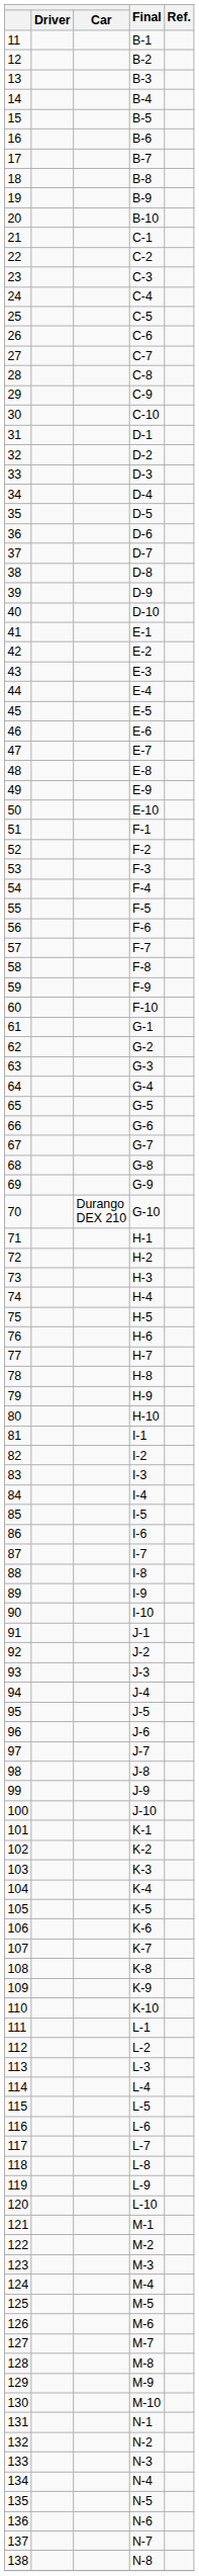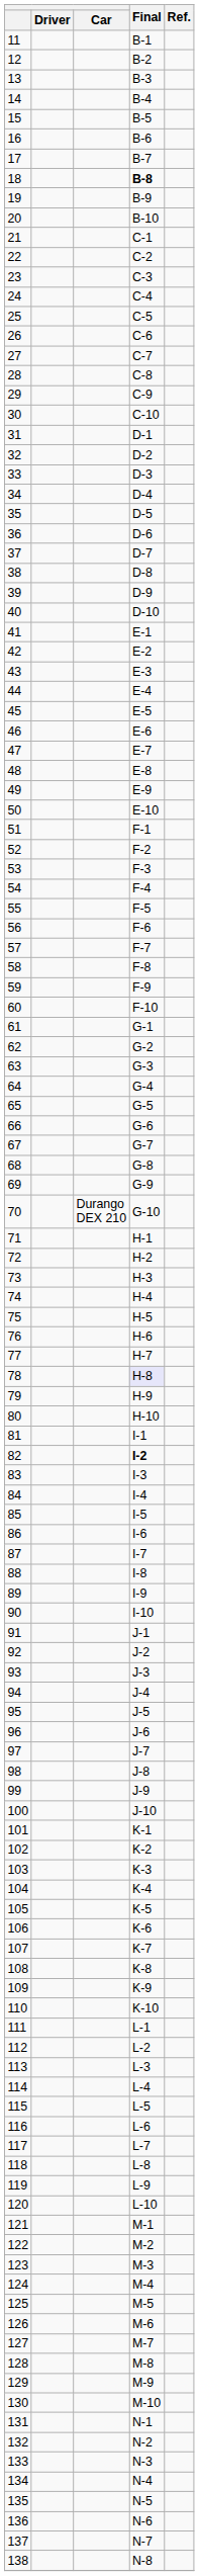 <table class="wikitable" style="font-size:85%;">
 <tr>
 <th colspan="3"></th>
 <th rowspan="2" style="text-align:center;">Final</th>
 <th rowspan="2" style="text-align:center;">Ref.</th>
 </tr>
 <tr>
 <th style="text-align:center;"></th>
 <th style="text-align:center;">Driver</th>
 <th style="text-align:center;">Car</th>
 </tr>
 <tr>
 <td>11</td>
 <td></td>
 <td></td>
 <td>B-1</td>
 <td></td>
 </tr>
 <tr>
 <td>12</td>
 <td></td>
 <td></td>
 <td>B-2</td>
 <td></td>
 </tr>
 <tr>
 <td>13</td>
 <td></td>
 <td></td>
 <td>B-3</td>
 <td></td>
 </tr>
 <tr>
 <td>14</td>
 <td></td>
 <td></td>
 <td>B-4</td>
 <td></td>
 </tr>
 <tr>
 <td>15</td>
 <td></td>
 <td></td>
 <td>B-5</td>
 <td></td>
 </tr>
 <tr>
 <td>16</td>
 <td></td>
 <td></td>
 <td>B-6</td>
 <td></td>
 </tr>
 <tr>
 <td>17</td>
 <td></td>
 <td></td>
 <td>B-7</td>
 <td></td>
 </tr>
 <tr>
 <td>18</td>
 <td></td>
 <td></td>
-<td>B-8</td>
+<td><strong>B-8</strong></td>
 <td></td>
 </tr>
 <tr>
 <td>19</td>
 <td></td>
 <td></td>
 <td>B-9</td>
 <td></td>
 </tr>
 <tr>
 <td>20</td>
 <td></td>
 <td></td>
 <td>B-10</td>
 <td></td>
 </tr>
 <tr>
 <td>21</td>
 <td></td>
 <td></td>
 <td>C-1</td>
 <td></td>
 </tr>
 <tr>
 <td>22</td>
 <td></td>
 <td></td>
 <td>C-2</td>
 <td></td>
 </tr>
 <tr>
 <td>23</td>
 <td></td>
 <td></td>
 <td>C-3</td>
 <td></td>
 </tr>
 <tr>
 <td>24</td>
 <td></td>
 <td></td>
 <td>C-4</td>
 <td></td>
 </tr>
 <tr>
 <td>25</td>
 <td></td>
 <td></td>
 <td>C-5</td>
 <td></td>
 </tr>
 <tr>
 <td>26</td>
 <td></td>
 <td></td>
 <td>C-6</td>
 <td></td>
 </tr>
 <tr>
 <td>27</td>
 <td></td>
 <td></td>
 <td>C-7</td>
 <td></td>
 </tr>
 <tr>
 <td>28</td>
 <td></td>
 <td></td>
 <td>C-8</td>
 <td></td>
 </tr>
 <tr>
 <td>29</td>
 <td></td>
 <td></td>
 <td>C-9</td>
 <td></td>
 </tr>
 <tr>
 <td>30</td>
 <td></td>
 <td></td>
 <td>C-10</td>
 <td></td>
 </tr>
 <tr>
 <td>31</td>
 <td></td>
 <td></td>
 <td>D-1</td>
 <td></td>
 </tr>
 <tr>
 <td>32</td>
 <td></td>
 <td></td>
 <td>D-2</td>
 <td></td>
 </tr>
 <tr>
 <td>33</td>
 <td></td>
 <td></td>
 <td>D-3</td>
 <td></td>
 </tr>
 <tr>
 <td>34</td>
 <td></td>
 <td></td>
 <td>D-4</td>
 <td></td>
 </tr>
 <tr>
 <td>35</td>
 <td></td>
 <td></td>
 <td>D-5</td>
 <td></td>
 </tr>
 <tr>
 <td>36</td>
 <td></td>
 <td></td>
 <td>D-6</td>
 <td></td>
 </tr>
 <tr>
 <td>37</td>
 <td></td>
 <td></td>
 <td>D-7</td>
 <td></td>
 </tr>
 <tr>
 <td>38</td>
 <td></td>
 <td></td>
 <td>D-8</td>
 <td></td>
 </tr>
 <tr>
 <td>39</td>
 <td></td>
 <td></td>
 <td>D-9</td>
 <td></td>
 </tr>
 <tr>
 <td>40</td>
 <td></td>
 <td></td>
 <td>D-10</td>
 <td></td>
 </tr>
 <tr>
 <td>41</td>
 <td></td>
 <td></td>
 <td>E-1</td>
 <td></td>
 </tr>
 <tr>
 <td>42</td>
 <td></td>
 <td></td>
 <td>E-2</td>
 <td></td>
 </tr>
 <tr>
 <td>43</td>
 <td></td>
 <td></td>
 <td>E-3</td>
 <td></td>
 </tr>
 <tr>
 <td>44</td>
 <td></td>
 <td></td>
 <td>E-4</td>
 <td></td>
 </tr>
 <tr>
 <td>45</td>
 <td></td>
 <td></td>
 <td>E-5</td>
 <td></td>
 </tr>
 <tr>
 <td>46</td>
 <td></td>
 <td></td>
 <td>E-6</td>
 <td></td>
 </tr>
 <tr>
 <td>47</td>
 <td></td>
 <td></td>
 <td>E-7</td>
 <td></td>
 </tr>
 <tr>
 <td>48</td>
 <td></td>
 <td></td>
 <td>E-8</td>
 <td></td>
 </tr>
 <tr>
 <td>49</td>
 <td></td>
 <td></td>
 <td>E-9</td>
 <td></td>
 </tr>
 <tr>
 <td>50</td>
 <td></td>
 <td></td>
 <td>E-10</td>
 <td></td>
 </tr>
 <tr>
 <td>51</td>
 <td></td>
 <td></td>
 <td>F-1</td>
 <td></td>
 </tr>
 <tr>
 <td>52</td>
 <td></td>
 <td></td>
 <td>F-2</td>
 <td></td>
 </tr>
 <tr>
 <td>53</td>
 <td></td>
 <td></td>
 <td>F-3</td>
 <td></td>
 </tr>
 <tr>
 <td>54</td>
 <td></td>
 <td></td>
 <td>F-4</td>
 <td></td>
 </tr>
 <tr>
 <td>55</td>
 <td></td>
 <td></td>
 <td>F-5</td>
 <td></td>
 </tr>
 <tr>
 <td>56</td>
 <td></td>
 <td></td>
 <td>F-6</td>
 <td></td>
 </tr>
 <tr>
 <td>57</td>
 <td></td>
 <td></td>
 <td>F-7</td>
 <td></td>
 </tr>
 <tr>
 <td>58</td>
 <td></td>
 <td></td>
 <td>F-8</td>
 <td></td>
 </tr>
 <tr>
 <td>59</td>
 <td></td>
 <td></td>
 <td>F-9</td>
 <td></td>
 </tr>
 <tr>
 <td>60</td>
 <td></td>
 <td></td>
 <td>F-10</td>
 <td></td>
 </tr>
 <tr>
 <td>61</td>
 <td></td>
 <td></td>
 <td>G-1</td>
 <td></td>
 </tr>
 <tr>
 <td>62</td>
 <td></td>
 <td></td>
 <td>G-2</td>
 <td></td>
 </tr>
 <tr>
 <td>63</td>
 <td></td>
 <td></td>
 <td>G-3</td>
 <td></td>
 </tr>
 <tr>
 <td>64</td>
 <td></td>
 <td></td>
 <td>G-4</td>
 <td></td>
 </tr>
 <tr>
 <td>65</td>
 <td></td>
 <td></td>
 <td>G-5</td>
 <td></td>
 </tr>
 <tr>
 <td>66</td>
 <td></td>
 <td></td>
 <td>G-6</td>
 <td></td>
 </tr>
 <tr>
 <td>67</td>
 <td></td>
 <td></td>
 <td>G-7</td>
 <td></td>
 </tr>
 <tr>
 <td>68</td>
 <td></td>
 <td></td>
 <td>G-8</td>
 <td></td>
 </tr>
 <tr>
 <td>69</td>
 <td></td>
 <td></td>
 <td>G-9</td>
 <td></td>
 </tr>
 <tr>
 <td>70</td>
 <td></td>
 <td>Durango<br> DEX 210</td>
 <td>G-10</td>
 <td></td>
 </tr>
 <tr>
 <td>71</td>
 <td></td>
 <td></td>
 <td>H-1</td>
 <td></td>
 </tr>
 <tr>
 <td>72</td>
 <td></td>
 <td></td>
 <td>H-2</td>
 <td></td>
 </tr>
 <tr>
 <td>73</td>
 <td></td>
 <td></td>
 <td>H-3</td>
 <td></td>
 </tr>
 <tr>
 <td>74</td>
 <td></td>
 <td></td>
 <td>H-4</td>
 <td></td>
 </tr>
 <tr>
 <td>75</td>
 <td></td>
 <td></td>
 <td>H-5</td>
 <td></td>
 </tr>
 <tr>
 <td>76</td>
 <td></td>
 <td></td>
 <td>H-6</td>
 <td></td>
 </tr>
 <tr>
 <td>77</td>
 <td></td>
 <td></td>
 <td>H-7</td>
 <td></td>
 </tr>
 <tr>
 <td>78</td>
 <td></td>
 <td></td>
-<td>H-8</td>
+<td style="background: lavender;">H-8</td>
 <td></td>
 </tr>
 <tr>
 <td>79</td>
 <td></td>
 <td></td>
 <td>H-9</td>
 <td></td>
 </tr>
 <tr>
 <td>80</td>
 <td></td>
 <td></td>
 <td>H-10</td>
 <td></td>
 </tr>
 <tr>
 <td>81</td>
 <td></td>
 <td></td>
 <td>I-1</td>
 <td></td>
 </tr>
 <tr>
 <td>82</td>
 <td></td>
 <td></td>
-<td>I-2</td>
+<td><strong>I-2</strong></td>
 <td></td>
 </tr>
 <tr>
 <td>83</td>
 <td></td>
 <td></td>
 <td>I-3</td>
 <td></td>
 </tr>
 <tr>
 <td>84</td>
 <td></td>
 <td></td>
 <td>I-4</td>
 <td></td>
 </tr>
 <tr>
 <td>85</td>
 <td></td>
 <td></td>
 <td>I-5</td>
 <td></td>
 </tr>
 <tr>
 <td>86</td>
 <td></td>
 <td></td>
 <td>I-6</td>
 <td></td>
 </tr>
 <tr>
 <td>87</td>
 <td></td>
 <td></td>
 <td>I-7</td>
 <td></td>
 </tr>
 <tr>
 <td>88</td>
 <td></td>
 <td></td>
 <td>I-8</td>
 <td></td>
 </tr>
 <tr>
 <td>89</td>
 <td></td>
 <td></td>
 <td>I-9</td>
 <td></td>
 </tr>
 <tr>
 <td>90</td>
 <td></td>
 <td></td>
 <td>I-10</td>
 <td></td>
 </tr>
 <tr>
 <td>91</td>
 <td></td>
 <td></td>
 <td>J-1</td>
 <td></td>
 </tr>
 <tr>
 <td>92</td>
 <td></td>
 <td></td>
 <td>J-2</td>
 <td></td>
 </tr>
 <tr>
 <td>93</td>
 <td></td>
 <td></td>
 <td>J-3</td>
 <td></td>
 </tr>
 <tr>
 <td>94</td>
 <td></td>
 <td></td>
 <td>J-4</td>
 <td></td>
 </tr>
 <tr>
 <td>95</td>
 <td></td>
 <td></td>
 <td>J-5</td>
 <td></td>
 </tr>
 <tr>
 <td>96</td>
 <td></td>
 <td></td>
 <td>J-6</td>
 <td></td>
 </tr>
 <tr>
 <td>97</td>
 <td></td>
 <td></td>
 <td>J-7</td>
 <td></td>
 </tr>
 <tr>
 <td>98</td>
 <td></td>
 <td></td>
 <td>J-8</td>
 <td></td>
 </tr>
 <tr>
 <td>99</td>
 <td></td>
 <td></td>
 <td>J-9</td>
 <td></td>
 </tr>
 <tr>
 <td>100</td>
 <td></td>
 <td></td>
 <td>J-10</td>
 <td></td>
 </tr>
 <tr>
 <td>101</td>
 <td></td>
 <td></td>
 <td>K-1</td>
 <td></td>
 </tr>
 <tr>
 <td>102</td>
 <td></td>
 <td></td>
 <td>K-2</td>
 <td></td>
 </tr>
 <tr>
 <td>103</td>
 <td></td>
 <td></td>
 <td>K-3</td>
 <td></td>
 </tr>
 <tr>
 <td>104</td>
 <td></td>
 <td></td>
 <td>K-4</td>
 <td></td>
 </tr>
 <tr>
 <td>105</td>
 <td></td>
 <td></td>
 <td>K-5</td>
 <td></td>
 </tr>
 <tr>
 <td>106</td>
 <td></td>
 <td></td>
 <td>K-6</td>
 <td></td>
 </tr>
 <tr>
 <td>107</td>
 <td></td>
 <td></td>
 <td>K-7</td>
 <td></td>
 </tr>
 <tr>
 <td>108</td>
 <td></td>
 <td></td>
 <td>K-8</td>
 <td></td>
 </tr>
 <tr>
 <td>109</td>
 <td></td>
 <td></td>
 <td>K-9</td>
 <td></td>
 </tr>
 <tr>
 <td>110</td>
 <td></td>
 <td></td>
 <td>K-10</td>
 <td></td>
 </tr>
 <tr>
 <td>111</td>
 <td></td>
 <td></td>
 <td>L-1</td>
 <td></td>
 </tr>
 <tr>
 <td>112</td>
 <td></td>
 <td></td>
 <td>L-2</td>
 <td></td>
 </tr>
 <tr>
 <td>113</td>
 <td></td>
 <td></td>
 <td>L-3</td>
 <td></td>
 </tr>
 <tr>
 <td>114</td>
 <td></td>
 <td></td>
 <td>L-4</td>
 <td></td>
 </tr>
 <tr>
 <td>115</td>
 <td></td>
 <td></td>
 <td>L-5</td>
 <td></td>
 </tr>
 <tr>
 <td>116</td>
 <td></td>
 <td></td>
 <td>L-6</td>
 <td></td>
 </tr>
 <tr>
 <td>117</td>
 <td></td>
 <td></td>
 <td>L-7</td>
 <td></td>
 </tr>
 <tr>
 <td>118</td>
 <td></td>
 <td></td>
 <td>L-8</td>
 <td></td>
 </tr>
 <tr>
 <td>119</td>
 <td></td>
 <td></td>
 <td>L-9</td>
 <td></td>
 </tr>
 <tr>
 <td>120</td>
 <td></td>
 <td></td>
 <td>L-10</td>
 <td></td>
 </tr>
 <tr>
 <td>121</td>
 <td></td>
 <td></td>
 <td>M-1</td>
 <td></td>
 </tr>
 <tr>
 <td>122</td>
 <td></td>
 <td></td>
 <td>M-2</td>
 <td></td>
 </tr>
 <tr>
 <td>123</td>
 <td></td>
 <td></td>
 <td>M-3</td>
 <td></td>
 </tr>
 <tr>
 <td>124</td>
 <td></td>
 <td></td>
 <td>M-4</td>
 <td></td>
 </tr>
 <tr>
 <td>125</td>
 <td></td>
 <td></td>
 <td>M-5</td>
 <td></td>
 </tr>
 <tr>
 <td>126</td>
 <td></td>
 <td></td>
 <td>M-6</td>
 <td></td>
 </tr>
 <tr>
 <td>127</td>
 <td></td>
 <td></td>
 <td>M-7</td>
 <td></td>
 </tr>
 <tr>
 <td>128</td>
 <td></td>
 <td></td>
 <td>M-8</td>
 <td></td>
 </tr>
 <tr>
 <td>129</td>
 <td></td>
 <td></td>
 <td>M-9</td>
 <td></td>
 </tr>
 <tr>
 <td>130</td>
 <td></td>
 <td></td>
 <td>M-10</td>
 <td></td>
 </tr>
 <tr>
 <td>131</td>
 <td></td>
 <td></td>
 <td>N-1</td>
 <td></td>
 </tr>
 <tr>
 <td>132</td>
 <td></td>
 <td></td>
 <td>N-2</td>
 <td></td>
 </tr>
 <tr>
 <td>133</td>
 <td></td>
 <td></td>
 <td>N-3</td>
 <td></td>
 </tr>
 <tr>
 <td>134</td>
 <td></td>
 <td></td>
 <td>N-4</td>
 <td></td>
 </tr>
 <tr>
 <td>135</td>
 <td></td>
 <td></td>
 <td>N-5</td>
 <td></td>
 </tr>
 <tr>
 <td>136</td>
 <td></td>
 <td></td>
 <td>N-6</td>
 <td></td>
 </tr>
 <tr>
 <td>137</td>
 <td></td>
 <td></td>
 <td>N-7</td>
 <td></td>
 </tr>
 <tr>
 <td>138</td>
 <td></td>
 <td></td>
 <td>N-8</td>
 <td></td>
 </tr>
 <tr>
 </tr>
 </table>
